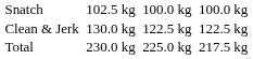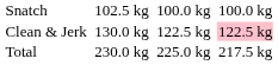 <table>
 <tr>
 <td>Snatch</td>
 <td></td>
 <td>102.5 kg</td>
 <td></td>
 <td>100.0 kg</td>
 <td></td>
 <td>100.0 kg</td>
 </tr>
 <tr>
 <td>Clean & Jerk</td>
 <td></td>
 <td>130.0 kg</td>
 <td></td>
 <td>122.5 kg</td>
 <td></td>
-<td>122.5 kg</td>
+<td style="background: pink;">122.5 kg</td>
 </tr>
 <tr>
 <td>Total</td>
 <td></td>
 <td>230.0 kg</td>
 <td></td>
 <td>225.0 kg</td>
 <td></td>
 <td>217.5 kg</td>
 </tr>
 </table>
